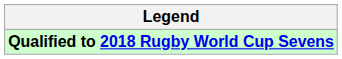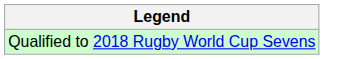 <table class="wikitable" style="font-size:92%;">
 <tr>
 <th>Legend</th>
 </tr>
 <tr bgcolor="ccffcc">
-<td><strong>Qualified to <a href='#'>2018 Rugby World Cup Sevens</a></strong></td>
+<td>Qualified to <a href='#'>2018 Rugby World Cup Sevens</a></td>
 </tr>
 </table>
